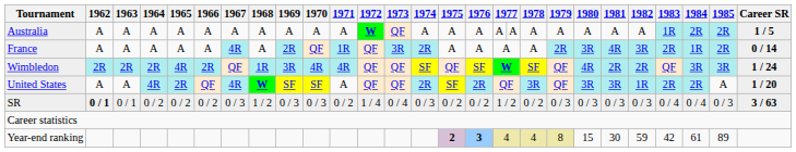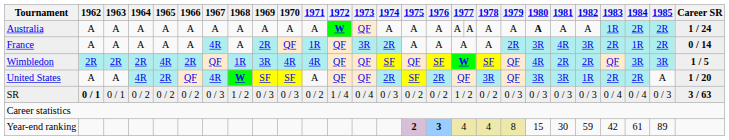 <table class="wikitable" style=font-size:97%>
 <tr bgcolor="#efefef">
 <th>Tournament</th>
 <th>1962</th>
 <th>1963</th>
 <th>1964</th>
 <th>1965</th>
 <th>1966</th>
 <th>1967</th>
 <th>1968</th>
 <th>1969</th>
 <th>1970</th>
 <th><a href='#'>1971</a></th>
 <th><a href='#'>1972</a></th>
 <th><a href='#'>1973</a></th>
 <th><a href='#'>1974</a></th>
 <th><a href='#'>1975</a></th>
 <th><a href='#'>1976</a></th>
 <th colspan="2"><a href='#'>1977</a></th>
 <th><a href='#'>1978</a></th>
 <th><a href='#'>1979</a></th>
 <th><a href='#'>1980</a></th>
 <th><a href='#'>1981</a></th>
 <th><a href='#'>1982</a></th>
 <th><a href='#'>1983</a></th>
 <th><a href='#'>1984</a></th>
 <th><a href='#'>1985</a></th>
 <th>Career SR</th>
 </tr>
 <tr>
 <td style="background:#EFEFEF;"><a href='#'>Australia</a></td>
 <td align="center">A</td>
 <td align="center">A</td>
 <td align="center">A</td>
 <td align="center">A</td>
 <td align="center">A</td>
 <td align="center">A</td>
 <td align="center">A</td>
 <td align="center">A</td>
 <td align="center">A</td>
 <td align="center">A</td>
 <td align="center" style="background:#00ff00;"><strong><a href='#'>W</a></strong></td>
 <td align="center" style="background:#ffebcd;"><a href='#'>QF</a></td>
 <td align="center">A</td>
 <td align="center">A</td>
 <td align="center">A</td>
 <td align="center">A</td>
 <td align="center">A</td>
 <td align="center">A</td>
 <td align="center">A</td>
-<td align="center">A</td>
+<td align="center"><strong>A</strong></td>
 <td align="center">A</td>
 <td align="center">A</td>
 <td align="center" style="background:#afeeee;"><a href='#'>1R</a></td>
 <td align="center" style="background:#afeeee;"><a href='#'>2R</a></td>
 <td align="center" style="background:#afeeee;"><a href='#'>2R</a></td>
-<td align="center" style="background:#EFEFEF;"><strong>1 / 5</strong></td>
+<td align="center" style="background:#EFEFEF;"><strong>1 / 24</strong></td>
 </tr>
 <tr>
 <td style="background:#EFEFEF;"><a href='#'>France</a></td>
 <td align="center">A</td>
 <td align="center">A</td>
 <td align="center">A</td>
 <td align="center">A</td>
 <td align="center">A</td>
 <td align="center" style="background:#afeeee;"><a href='#'>4R</a></td>
 <td align="center">A</td>
 <td align="center" style="background:#afeeee;"><a href='#'>2R</a></td>
 <td align="center" style="background:#ffebcd;"><a href='#'>QF</a></td>
 <td align="center" style="background:#afeeee;"><a href='#'>1R</a></td>
 <td align="center" style="background:#ffebcd;"><a href='#'>QF</a></td>
 <td align="center" style="background:#afeeee;"><a href='#'>3R</a></td>
 <td align="center" style="background:#afeeee;"><a href='#'>2R</a></td>
 <td align="center">A</td>
 <td align="center">A</td>
 <td colspan="2" align="center">A</td>
 <td align="center">A</td>
 <td align="center" style="background:#afeeee;"><a href='#'>2R</a></td>
 <td align="center" style="background:#afeeee;"><a href='#'>3R</a></td>
 <td align="center" style="background:#afeeee;"><a href='#'>4R</a></td>
 <td align="center" style="background:#afeeee;"><a href='#'>3R</a></td>
 <td align="center" style="background:#afeeee;"><a href='#'>2R</a></td>
 <td align="center" style="background:#afeeee;"><a href='#'>1R</a></td>
 <td align="center" style="background:#afeeee;"><a href='#'>2R</a></td>
 <td align="center" style="background:#EFEFEF;"><strong>0 / 14</strong></td>
 </tr>
 <tr>
 <td style="background:#EFEFEF;"><a href='#'>Wimbledon</a></td>
 <td align="center" style="background:#afeeee;"><a href='#'>2R</a></td>
 <td align="center" style="background:#afeeee;"><a href='#'>2R</a></td>
 <td align="center" style="background:#afeeee;"><a href='#'>2R</a></td>
 <td align="center" style="background:#afeeee;"><a href='#'>4R</a></td>
 <td align="center" style="background:#afeeee;"><a href='#'>2R</a></td>
 <td align="center" style="background:#ffebcd;"><a href='#'>QF</a></td>
 <td align="center" style="background:#afeeee;"><a href='#'>1R</a></td>
 <td align="center" style="background:#afeeee;"><a href='#'>3R</a></td>
 <td align="center" style="background:#afeeee;"><a href='#'>4R</a></td>
 <td align="center" style="background:#afeeee;"><a href='#'>4R</a></td>
 <td align="center" style="background:#ffebcd;"><a href='#'>QF</a></td>
 <td align="center" style="background:#ffebcd;"><a href='#'>QF</a></td>
 <td align="center" style="background:yellow;"><a href='#'>SF</a></td>
 <td align="center" style="background:#ffebcd;"><a href='#'>QF</a></td>
 <td align="center" style="background:yellow;"><a href='#'>SF</a></td>
 <td colspan="2" align="center" style="background:#00ff00;"><strong><a href='#'>W</a></strong></td>
 <td align="center" style="background:yellow;"><a href='#'>SF</a></td>
 <td align="center" style="background:#ffebcd;"><a href='#'>QF</a></td>
 <td align="center" style="background:#afeeee;"><a href='#'>4R</a></td>
 <td align="center" style="background:#afeeee;"><a href='#'>2R</a></td>
 <td align="center" style="background:#afeeee;"><a href='#'>2R</a></td>
 <td align="center" style="background:#ffebcd;"><a href='#'>QF</a></td>
 <td align="center" style="background:#afeeee;"><a href='#'>3R</a></td>
 <td align="center" style="background:#afeeee;"><a href='#'>3R</a></td>
-<td align="center" style="background:#EFEFEF;"><strong>1 / 24</strong></td>
+<td align="center" style="background:#EFEFEF;"><strong>1 / 5</strong></td>
 </tr>
 <tr>
 <td style="background:#EFEFEF;"><a href='#'>United States</a></td>
 <td align="center">A</td>
 <td align="center">A</td>
 <td align="center"  style="background:#afeeee;"><a href='#'>4R</a></td>
 <td align="center"  style="background:#afeeee;"><a href='#'>2R</a></td>
 <td align="center"  style="background:#ffebcd;"><a href='#'>QF</a></td>
 <td align="center"  style="background:#afeeee;"><a href='#'>4R</a></td>
 <td align="center"  style="background:#00ff00;"><strong><a href='#'>W</a></strong></td>
 <td align="center"  style="background:yellow;"><a href='#'>SF</a></td>
 <td align="center"  style="background:yellow;"><a href='#'>SF</a></td>
 <td align="center">A</td>
 <td align="center" style="background:#ffebcd;"><a href='#'>QF</a></td>
 <td align="center" style="background:#ffebcd;"><a href='#'>QF</a></td>
 <td align="center" style="background:#afeeee;"><a href='#'>2R</a></td>
 <td align="center" style="background:yellow;"><a href='#'>SF</a></td>
 <td align="center" style="background:#afeeee;"><a href='#'>2R</a></td>
 <td colspan="2" align="center" style="background:#ffebcd;"><a href='#'>QF</a></td>
 <td align="center" style="background:#afeeee;"><a href='#'>3R</a></td>
 <td align="center" style="background:#ffebcd;"><a href='#'>QF</a></td>
 <td align="center" style="background:#afeeee;"><a href='#'>3R</a></td>
 <td align="center" style="background:#afeeee;"><a href='#'>3R</a></td>
 <td align="center" style="background:#afeeee;"><a href='#'>1R</a></td>
 <td align="center" style="background:#afeeee;"><a href='#'>2R</a></td>
 <td align="center" style="background:#afeeee;"><a href='#'>2R</a></td>
 <td align="center">A</td>
 <td align="center" style="background:#EFEFEF;"><strong>1 / 20</strong></td>
 </tr>
 <tr>
 <td style="background:#EFEFEF;">SR</td>
 <td align="center" style="background:#EFEFEF;"><strong>0 / 1</strong></td>
 <td align="center" style="background:#EFEFEF;">0 / 1</td>
 <td align="center" style="background:#EFEFEF;">0 / 2</td>
 <td align="center" style="background:#EFEFEF;">0 / 2</td>
 <td align="center" style="background:#EFEFEF;">0 / 2</td>
 <td align="center" style="background:#EFEFEF;">0 / 3</td>
 <td align="center" style="background:#EFEFEF;">1 / 2</td>
 <td align="center" style="background:#EFEFEF;">0 / 3</td>
 <td align="center" style="background:#EFEFEF;">0 / 3</td>
 <td align="center" style="background:#EFEFEF;">0 / 2</td>
 <td align="center" style="background:#EFEFEF;">1 / 4</td>
 <td align="center" style="background:#EFEFEF;">0 / 4</td>
 <td align="center" style="background:#EFEFEF;">0 / 3</td>
 <td align="center" style="background:#EFEFEF;">0 / 2</td>
 <td align="center" style="background:#EFEFEF;">0 / 2</td>
 <td colspan="2" align="center" style="background:#EFEFEF;">1 / 2</td>
 <td align="center" style="background:#EFEFEF;">0 / 2</td>
 <td align="center" style="background:#EFEFEF;">0 / 3</td>
 <td align="center" style="background:#EFEFEF;">0 / 3</td>
 <td align="center" style="background:#EFEFEF;">0 / 3</td>
 <td align="center" style="background:#EFEFEF;">0 / 3</td>
 <td align="center" style="background:#EFEFEF;">0 / 4</td>
 <td align="center" style="background:#EFEFEF;">0 / 4</td>
 <td align="center" style="background:#EFEFEF;">0 / 3</td>
 <td align="center" style="background:#EFEFEF;"><strong>3 / 63</strong></td>
 </tr>
 <tr>
 <td colspan=27 align=left>Career statistics</td>
 </tr>
 <tr>
 <td align=left>Year-end ranking</td>
 <td align="center"></td>
 <td align="center"></td>
 <td align="center"></td>
 <td align="center"></td>
 <td align="center"></td>
 <td align="center"></td>
 <td align="center"></td>
 <td align="center"></td>
 <td align="center"></td>
 <td align="center"></td>
 <td align="center"></td>
 <td align="center"></td>
 <td align="center"></td>
 <td align="center" bgcolor="#d8bfd8"><strong>2</strong></td>
 <td align="center" bgcolor="#99ccff"><strong>3</strong></td>
 <td align="center" bgcolor="#eee8aa" colspan="2">4</td>
 <td align="center" bgcolor="#eee8aa">4</td>
 <td align="center" bgcolor="#eee8aa">8</td>
 <td align="center">15</td>
 <td align="center">30</td>
 <td align="center">59</td>
 <td align="center">42</td>
 <td align="center">61</td>
 <td align="center">89</td>
 <td></td>
 </tr>
 </table>
